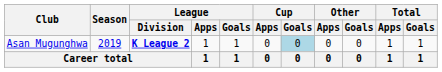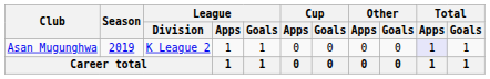 <table class="wikitable" style="text-align: center">
 <tr>
 <th rowspan="2">Club</th>
 <th rowspan="2">Season</th>
 <th colspan="3">League</th>
 <th colspan="2">Cup</th>
 <th colspan="2">Other</th>
 <th colspan="2">Total</th>
 </tr>
 <tr>
 <th>Division</th>
 <th>Apps</th>
 <th>Goals</th>
 <th>Apps</th>
 <th>Goals</th>
 <th>Apps</th>
 <th>Goals</th>
 <th>Apps</th>
 <th>Goals</th>
 </tr>
 <tr>
 <td><a href='#'>Asan Mugunghwa</a></td>
 <td><a href='#'>2019</a></td>
-<td><strong><a href='#'>K League 2</a></strong></td>
+<td><a href='#'>K League 2</a></td>
 <td>1</td>
 <td>1</td>
 <td>0</td>
-<td style="background: lightblue;">0</td>
 <td>0</td>
 <td>0</td>
-<td>1</td>
+<td>0</td>
+<td style="background: lavender;">1</td>
 <td>1</td>
 </tr>
 <tr>
 <th colspan=3>Career total</th>
 <th>1</th>
 <th>1</th>
 <th>0</th>
 <th>0</th>
 <th>0</th>
 <th>0</th>
 <th>1</th>
 <th>1</th>
 </tr>
 </table>
